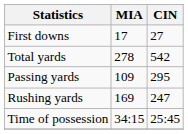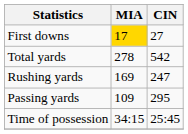 <table class="wikitable">
 <tr>
 <th>Statistics</th>
 <th>MIA</th>
 <th>CIN</th>
 </tr>
 <tr>
 <td>First downs</td>
-<td>17</td>
+<td style="background: gold;">17</td>
 <td>27</td>
 </tr>
 <tr>
 <td>Total yards</td>
 <td>278</td>
 <td>542</td>
 </tr>
 <tr>
+<td>Rushing yards</td>
+<td>169</td>
+<td>247</td>
+</tr>
+<tr>
 <td>Passing yards</td>
 <td>109</td>
 <td>295</td>
-</tr>
-<tr>
-<td>Rushing yards</td>
-<td>169</td>
-<td>247</td>
 </tr>
 <tr>
 <td>Time of possession</td>
 <td>34:15</td>
 <td>25:45</td>
 </tr>
 <tr>
 </tr>
 </table>
